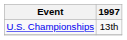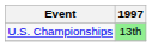 <table class="wikitable">
 <tr>
 <th>Event</th>
 <th>1997</th>
 </tr>
 <tr>
 <td><a href='#'>U.S. Championships</a></td>
-<td align="center">13th</td>
+<td align="center" style="background: lightgreen;">13th</td>
 </tr>
 <tr>
 </tr>
 </table>
